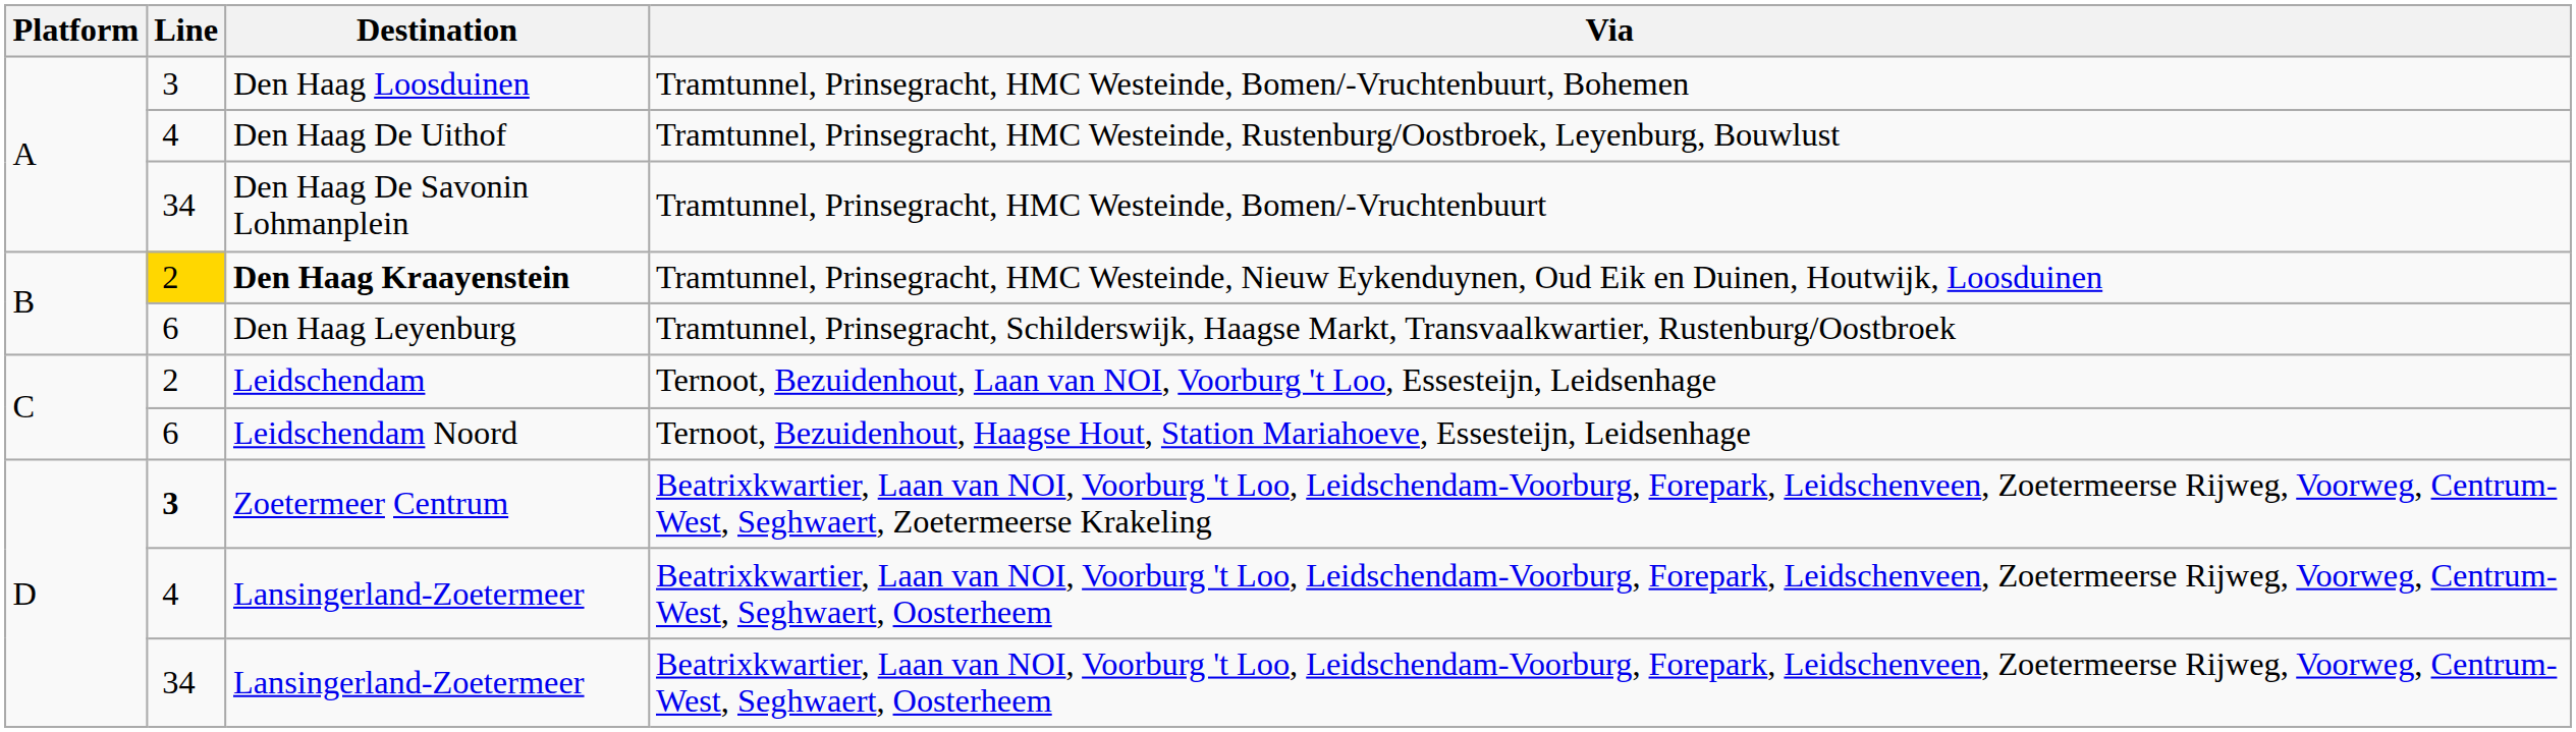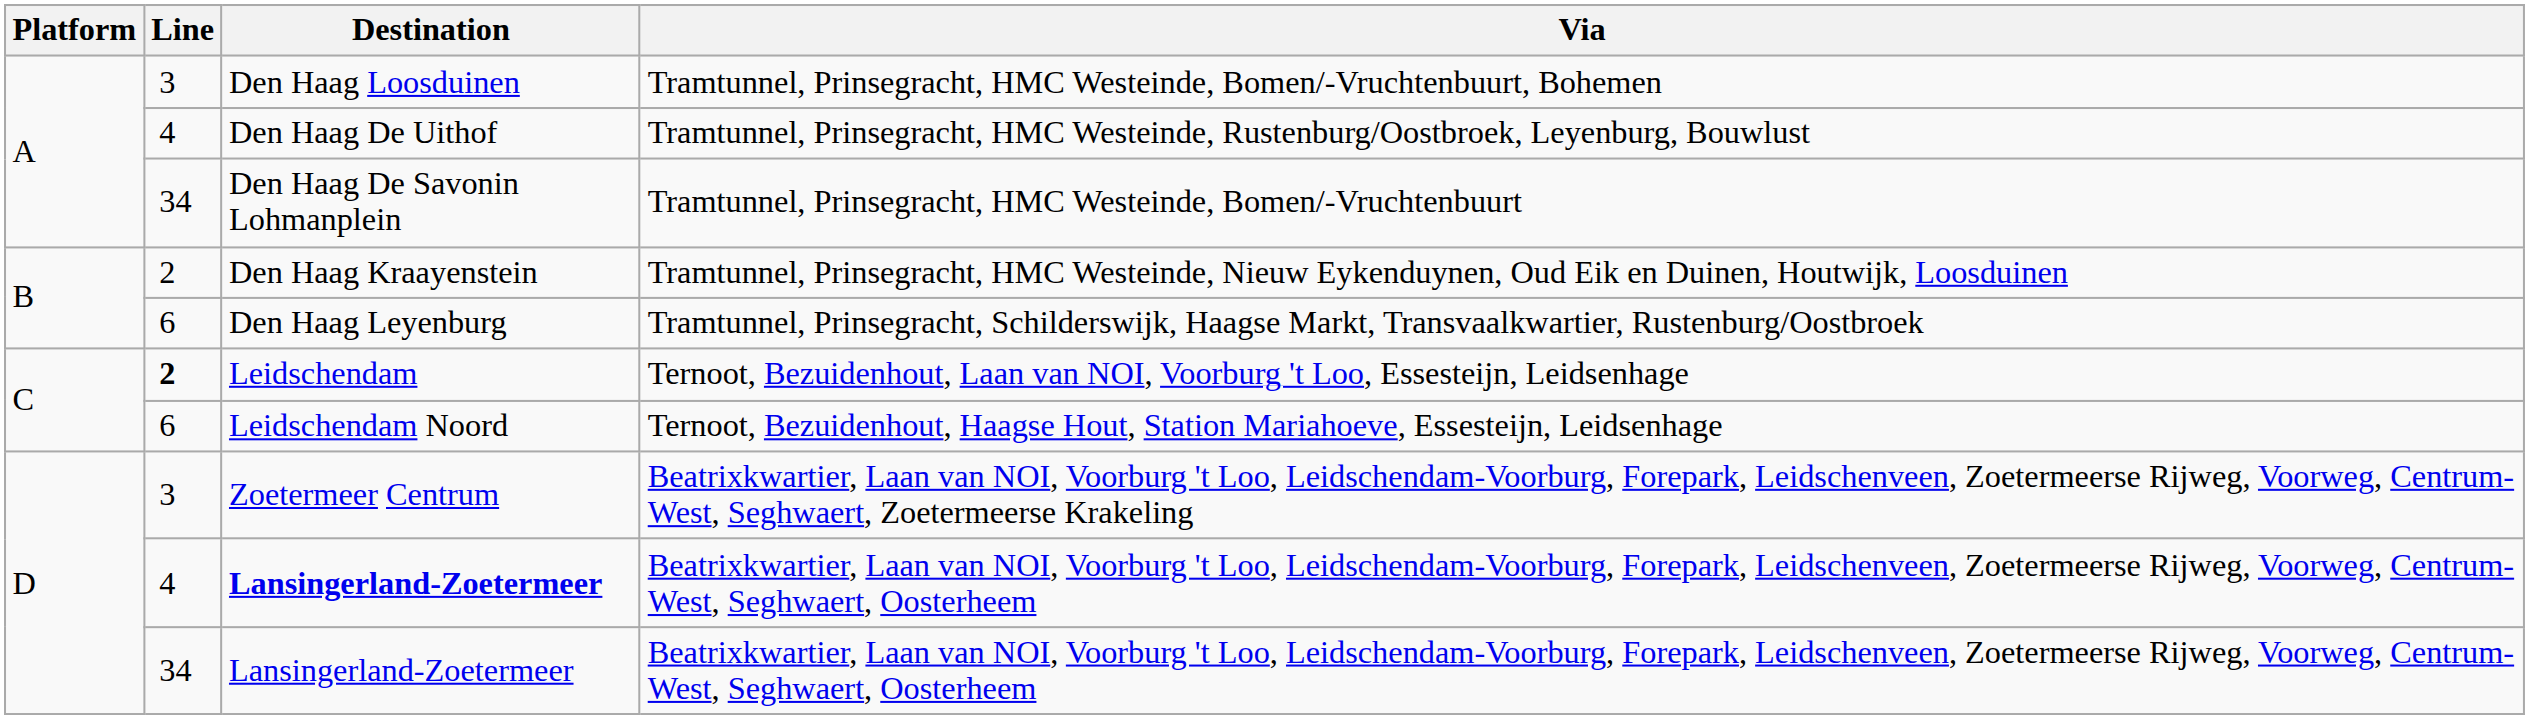 <table class="wikitable">
 <tr>
 <th>Platform</th>
 <th>Line</th>
 <th>Destination</th>
 <th>Via</th>
 </tr>
 <tr>
 <td rowspan="3">A</td>
 <td><span> 3 </span></td>
 <td>Den Haag <a href='#'>Loosduinen</a></td>
 <td>Tramtunnel, Prinsegracht, HMC Westeinde, Bomen/-Vruchtenbuurt, Bohemen</td>
 </tr>
 <tr>
 <td><span> 4 </span></td>
 <td>Den Haag De Uithof</td>
 <td>Tramtunnel, Prinsegracht, HMC Westeinde, Rustenburg/Oostbroek, Leyenburg, Bouwlust</td>
 </tr>
 <tr>
 <td><span> 34 </span></td>
 <td>Den Haag De Savonin Lohmanplein</td>
 <td>Tramtunnel, Prinsegracht, HMC Westeinde, Bomen/-Vruchtenbuurt</td>
 </tr>
 <tr>
 <td rowspan="2">B</td>
-<td style="background: gold;"><span> 2 </span></td>
-<td><strong>Den Haag Kraayenstein</strong></td>
+<td><span> 2 </span></td>
+<td>Den Haag Kraayenstein</td>
 <td>Tramtunnel, Prinsegracht, HMC Westeinde, Nieuw Eykenduynen, Oud Eik en Duinen, Houtwijk, <a href='#'>Loosduinen</a></td>
 </tr>
 <tr>
 <td><span> 6 </span></td>
 <td>Den Haag Leyenburg</td>
 <td>Tramtunnel, Prinsegracht, Schilderswijk, Haagse Markt, Transvaalkwartier, Rustenburg/Oostbroek</td>
 </tr>
 <tr>
 <td rowspan="2">C</td>
-<td><span> 2 </span></td>
+<td><strong><span> 2 </span></strong></td>
 <td><a href='#'>Leidschendam</a></td>
 <td>Ternoot, <a href='#'>Bezuidenhout</a>, <a href='#'>Laan van NOI</a>, <a href='#'>Voorburg 't Loo</a>, Essesteijn, Leidsenhage</td>
 </tr>
 <tr>
 <td><span> 6 </span></td>
 <td><a href='#'>Leidschendam</a> Noord</td>
 <td>Ternoot, <a href='#'>Bezuidenhout</a>, <a href='#'>Haagse Hout</a>, <a href='#'>Station Mariahoeve</a>, Essesteijn, Leidsenhage</td>
 </tr>
 <tr>
 <td rowspan="3">D</td>
-<td><strong><span> 3 </span></strong></td>
+<td><span> 3 </span></td>
 <td><a href='#'>Zoetermeer</a> <a href='#'>Centrum</a></td>
 <td><a href='#'>Beatrixkwartier</a>, <a href='#'>Laan van NOI</a>, <a href='#'>Voorburg 't Loo</a>, <a href='#'>Leidschendam-Voorburg</a>, <a href='#'>Forepark</a>, <a href='#'>Leidschenveen</a>, Zoetermeerse Rijweg, <a href='#'>Voorweg</a>, <a href='#'>Centrum-West</a>, <a href='#'>Seghwaert</a>, Zoetermeerse Krakeling</td>
 </tr>
 <tr>
 <td><span> 4 </span></td>
-<td><a href='#'>Lansingerland-Zoetermeer</a></td>
+<td><strong><a href='#'>Lansingerland-Zoetermeer</a></strong></td>
 <td><a href='#'>Beatrixkwartier</a>, <a href='#'>Laan van NOI</a>, <a href='#'>Voorburg 't Loo</a>, <a href='#'>Leidschendam-Voorburg</a>, <a href='#'>Forepark</a>, <a href='#'>Leidschenveen</a>, Zoetermeerse Rijweg, <a href='#'>Voorweg</a>, <a href='#'>Centrum-West</a>, <a href='#'>Seghwaert</a>, <a href='#'>Oosterheem</a></td>
 </tr>
 <tr>
 <td><span> 34 </span></td>
 <td><a href='#'>Lansingerland-Zoetermeer</a></td>
 <td><a href='#'>Beatrixkwartier</a>, <a href='#'>Laan van NOI</a>, <a href='#'>Voorburg 't Loo</a>, <a href='#'>Leidschendam-Voorburg</a>, <a href='#'>Forepark</a>, <a href='#'>Leidschenveen</a>, Zoetermeerse Rijweg, <a href='#'>Voorweg</a>, <a href='#'>Centrum-West</a>, <a href='#'>Seghwaert</a>, <a href='#'>Oosterheem</a></td>
 </tr>
 </table>
